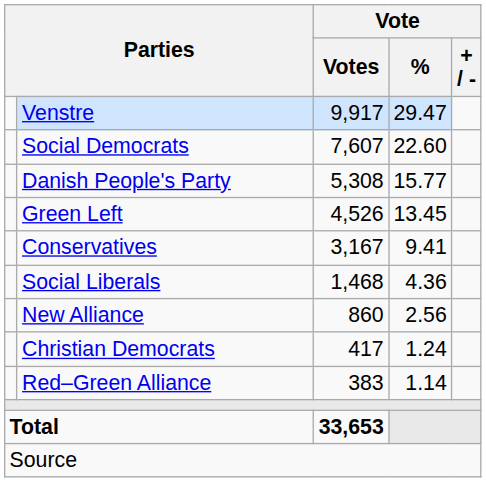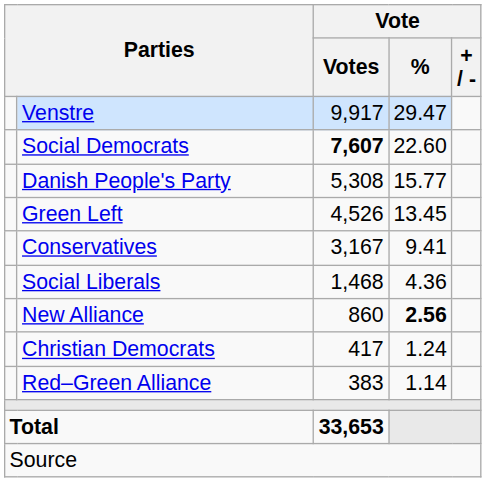 <table class="wikitable" style="text-align:right;">
 <tr>
 <th style="text-align:centre;" rowspan="2" colspan="2" width="225">Parties</th>
 <th colspan="3">Vote</th>
 </tr>
 <tr>
 <th width="15">Votes</th>
 <th width="15">%</th>
 <th width="15">+ / -</th>
 </tr>
 <tr>
 <td width="2" style="color:inherit;background:"></td>
 <td bgcolor=#cfe5fe  align="left"><a href='#'>Venstre</a></td>
 <td bgcolor=#cfe5fe>9,917</td>
 <td bgcolor=#cfe5fe>29.47</td>
 <td></td>
 </tr>
 <tr>
 <td width="2" style="color:inherit;background:"></td>
 <td align="left"><a href='#'>Social Democrats</a></td>
-<td>7,607</td>
+<td><strong>7,607</strong></td>
 <td>22.60</td>
 <td></td>
 </tr>
 <tr>
 <td width="2" style="color:inherit;background:"></td>
 <td align="left"><a href='#'>Danish People's Party</a></td>
 <td>5,308</td>
 <td>15.77</td>
 <td></td>
 </tr>
 <tr>
 <td width="2" style="color:inherit;background:"></td>
 <td align="left"><a href='#'>Green Left</a></td>
 <td>4,526</td>
 <td>13.45</td>
 <td></td>
 </tr>
 <tr>
 <td width="2" style="color:inherit;background:"></td>
 <td align="left"><a href='#'>Conservatives</a></td>
 <td>3,167</td>
 <td>9.41</td>
 <td></td>
 </tr>
 <tr>
 <td width="2" style="color:inherit;background:"></td>
 <td align="left"><a href='#'>Social Liberals</a></td>
 <td>1,468</td>
 <td>4.36</td>
 <td></td>
 </tr>
 <tr>
 <td width="2" style="color:inherit;background:"></td>
 <td align="left"><a href='#'>New Alliance</a></td>
 <td>860</td>
-<td>2.56</td>
+<td><strong>2.56</strong></td>
 <td></td>
 </tr>
 <tr>
 <td width="2" style="color:inherit;background:"></td>
 <td align="left"><a href='#'>Christian Democrats</a></td>
 <td>417</td>
 <td>1.24</td>
 <td></td>
 </tr>
 <tr>
 <td width="2" style="color:inherit;background:"></td>
 <td align="left"><a href='#'>Red–Green Alliance</a></td>
 <td>383</td>
 <td>1.14</td>
 <td></td>
 </tr>
 <tr>
 <td colspan="7" bgcolor="#E9E9E9"></td>
 </tr>
 <tr>
 <td align="left" colspan="2"><strong>Total</strong></td>
 <td><strong>33,653</strong></td>
 <td bgcolor="#E9E9E9" colspan="2"></td>
 </tr>
 <tr>
 <td align="left" colspan="6">Source</td>
 </tr>
 </table>
